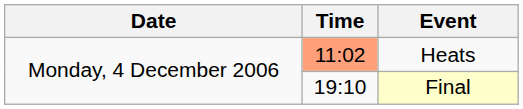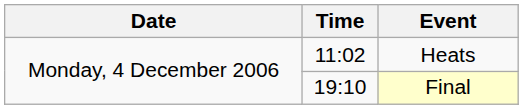 <table class = "wikitable" style="text-align:center;">
 <tr>
 <th width=220>Date</th>
 <th width=50>Time</th>
 <th width=100>Event</th>
 </tr>
 <tr>
 <td rowspan=2>Monday, 4 December 2006</td>
-<td style="background: lightsalmon;">11:02</td>
+<td>11:02</td>
 <td>Heats</td>
 </tr>
 <tr>
 <td>19:10</td>
 <td bgcolor=ffffcc>Final</td>
 </tr>
 </table>
